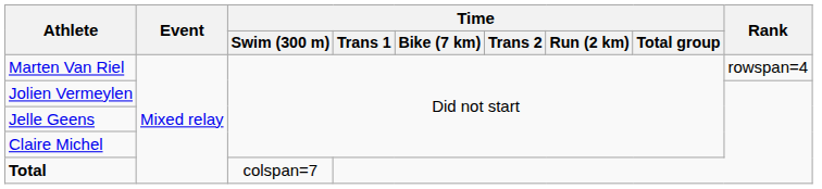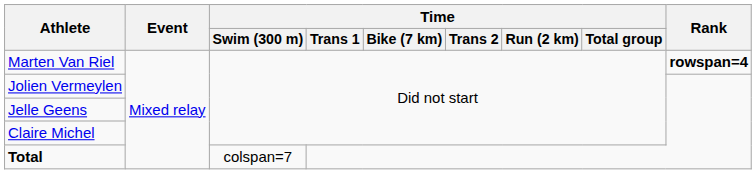 <table class="wikitable" style="font-size:90%;text-align:center;">
 <tr>
 <th rowspan=2>Athlete</th>
 <th rowspan=2>Event</th>
 <th colspan=6>Time</th>
 <th rowspan=2>Rank</th>
 </tr>
 <tr style="font-size:95%">
 <th>Swim (300 m)</th>
 <th>Trans 1</th>
 <th>Bike (7 km)</th>
 <th>Trans 2</th>
 <th>Run (2 km)</th>
 <th>Total group</th>
 </tr>
 <tr>
 <td align=left><a href='#'>Marten Van Riel</a></td>
 <td align=left rowspan=5><a href='#'>Mixed relay</a></td>
 <td rowspan=4 colspan=6>Did not start</td>
-<td>rowspan=4 </td>
+<td><strong>rowspan=4 </strong></td>
 </tr>
 <tr>
 <td align=left><a href='#'>Jolien Vermeylen</a></td>
 </tr>
 <tr>
 <td align=left><a href='#'>Jelle Geens</a></td>
 </tr>
 <tr>
 <td align=left><a href='#'>Claire Michel</a></td>
 </tr>
 <tr align=center>
 <td align=left><strong>Total</strong></td>
 <td>colspan=7 </td>
 </tr>
 </table>
